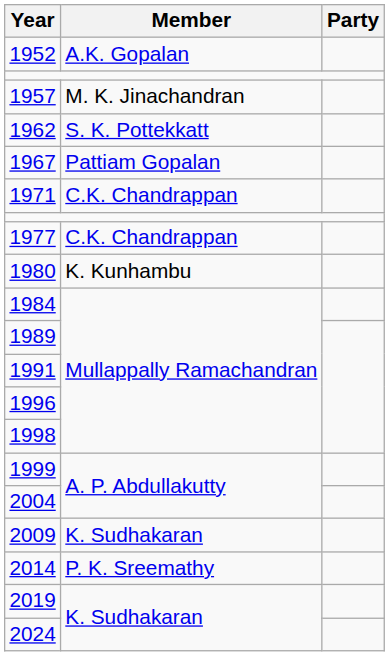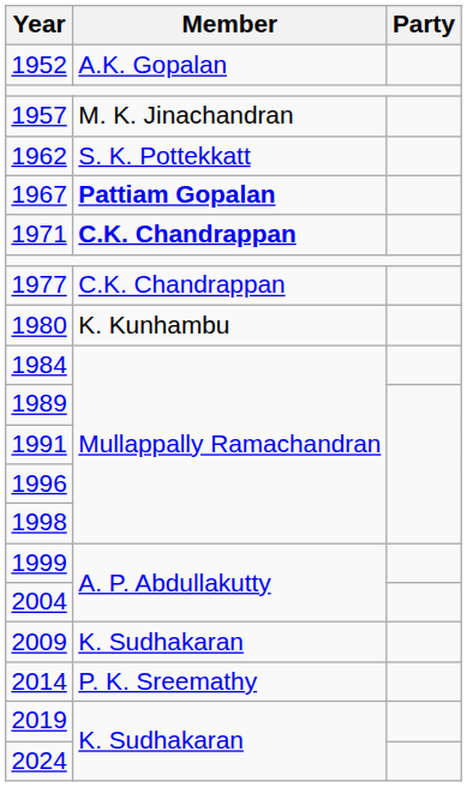 <table class="wikitable sortable">
 <tr>
 <th>Year</th>
 <th>Member</th>
 <th colspan="2">Party</th>
 </tr>
 <tr>
 <td><a href='#'>1952</a></td>
 <td><a href='#'>A.K. Gopalan</a></td>
 <td></td>
 </tr>
 <tr>
 <td colspan="4"></td>
 </tr>
 <tr>
 <td><a href='#'>1957</a></td>
 <td>M. K. Jinachandran</td>
 <td></td>
 </tr>
 <tr>
 <td><a href='#'>1962</a></td>
 <td><a href='#'>S. K. Pottekkatt</a></td>
 <td></td>
 </tr>
 <tr>
 <td><a href='#'>1967</a></td>
-<td><a href='#'>Pattiam Gopalan</a></td>
+<td><strong><a href='#'>Pattiam Gopalan</a></strong></td>
 <td></td>
 </tr>
 <tr>
 <td><a href='#'>1971</a></td>
-<td><a href='#'>C.K. Chandrappan</a></td>
+<td><strong><a href='#'>C.K. Chandrappan</a></strong></td>
 <td></td>
 </tr>
 <tr>
 <td colspan="4"></td>
 </tr>
 <tr>
 <td><a href='#'>1977</a></td>
 <td><a href='#'>C.K. Chandrappan</a></td>
 <td></td>
 </tr>
 <tr>
 <td><a href='#'>1980</a></td>
 <td>K. Kunhambu</td>
 <td></td>
 </tr>
 <tr>
 <td><a href='#'>1984</a></td>
 <td rowspan="5"><a href='#'>Mullappally Ramachandran</a></td>
 <td></td>
 </tr>
 <tr>
 <td><a href='#'>1989</a></td>
 </tr>
 <tr>
 <td><a href='#'>1991</a></td>
 </tr>
 <tr>
 <td><a href='#'>1996</a></td>
 </tr>
 <tr>
 <td><a href='#'>1998</a></td>
 </tr>
 <tr>
 <td><a href='#'>1999</a></td>
 <td rowspan="2"><a href='#'>A. P. Abdullakutty</a></td>
 <td></td>
 </tr>
 <tr>
 <td><a href='#'>2004</a></td>
 </tr>
 <tr>
 <td><a href='#'>2009</a></td>
 <td><a href='#'>K. Sudhakaran</a></td>
 <td></td>
 </tr>
 <tr>
 <td><a href='#'>2014</a></td>
 <td><a href='#'>P. K. Sreemathy</a></td>
 <td></td>
 </tr>
 <tr>
 <td><a href='#'>2019</a></td>
 <td rowspan=2><a href='#'>K. Sudhakaran</a></td>
 <td></td>
 </tr>
 <tr>
 <td><a href='#'>2024</a></td>
 </tr>
 </table>
